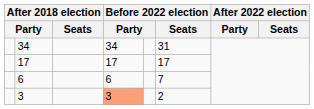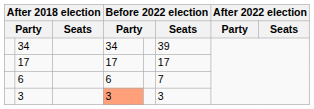 <table class="wikitable">
 <tr>
 <th colspan="3">After 2018 election</th>
 <th colspan="3">Before 2022 election</th>
 <th colspan="3">After 2022 election</th>
 </tr>
 <tr>
 <th colspan="2">Party</th>
 <th>Seats</th>
 <th colspan="2">Party</th>
 <th>Seats</th>
 <th colspan="2">Party</th>
 <th>Seats</th>
 </tr>
 <tr>
 <td></td>
 <td>34</td>
 <td></td>
 <td>34</td>
 <td></td>
-<td>31</td>
+<td>39</td>
 </tr>
 <tr>
 <td></td>
 <td>17</td>
 <td></td>
 <td>17</td>
 <td></td>
 <td>17</td>
 </tr>
 <tr>
 <td></td>
 <td>6</td>
 <td></td>
 <td>6</td>
 <td></td>
 <td>7</td>
 </tr>
 <tr>
 <td></td>
 <td>3</td>
 <td></td>
 <td style="background: lightsalmon;">3</td>
 <td></td>
-<td>2</td>
+<td>3</td>
 </tr>
 </table>
